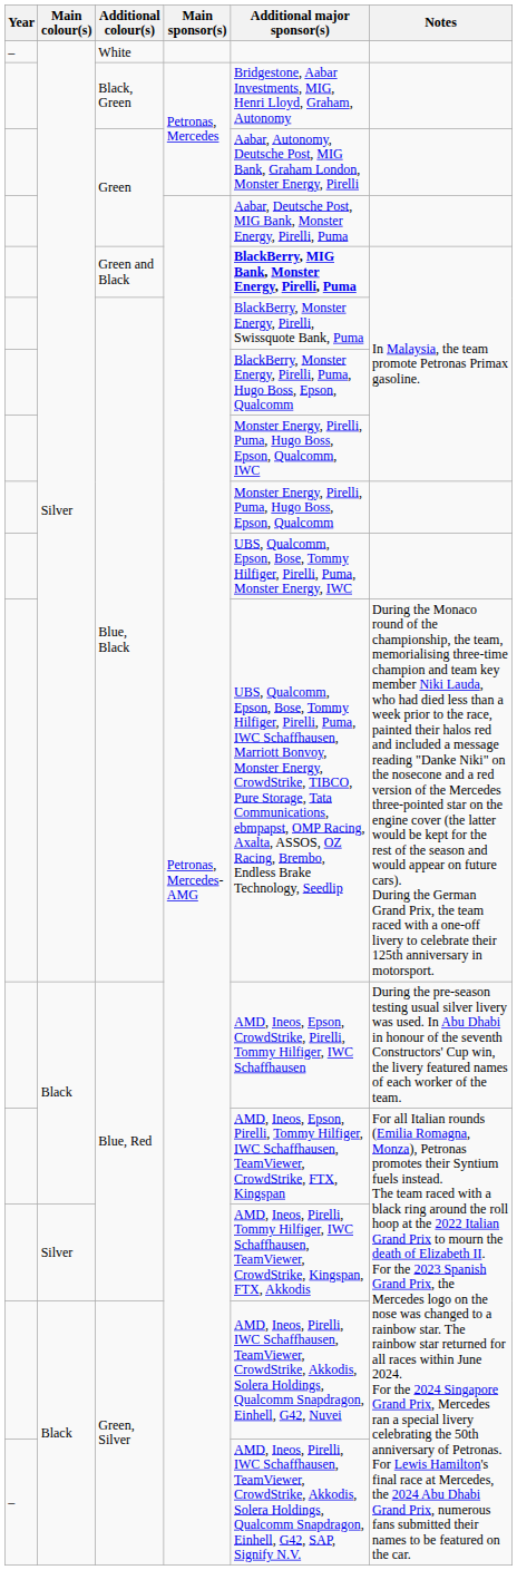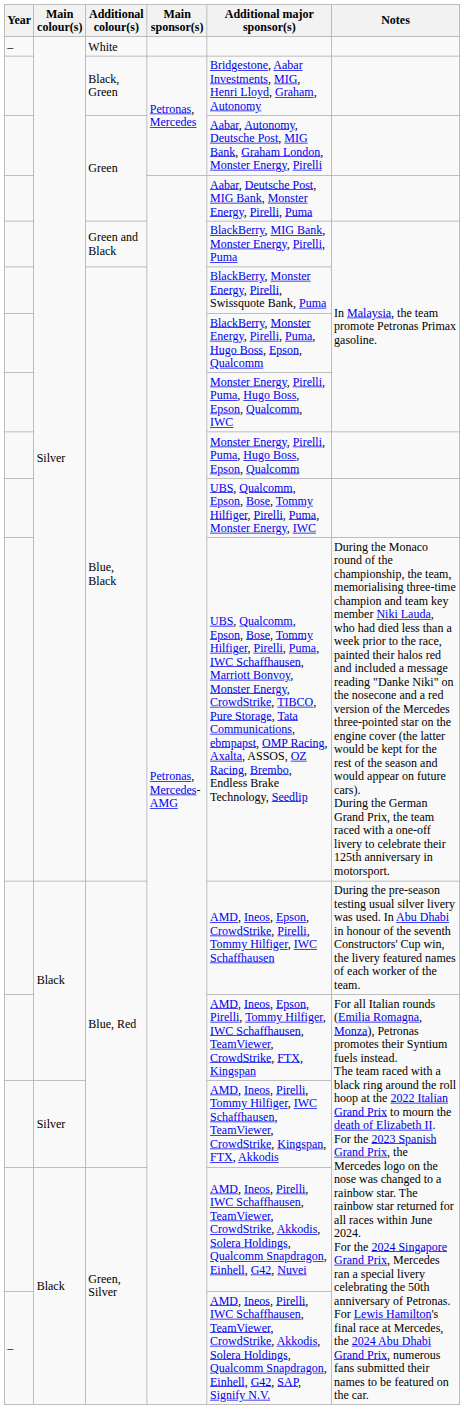 <table class="wikitable">
 <tr>
 <th>Year</th>
 <th>Main colour(s)</th>
 <th>Additional colour(s)</th>
 <th>Main sponsor(s)</th>
 <th>Additional major sponsor(s)</th>
 <th>Notes</th>
 </tr>
 <tr>
 <td>–</td>
 <td rowspan=11>Silver</td>
 <td>White</td>
 <td></td>
 <td></td>
 <td></td>
 </tr>
 <tr>
 <td></td>
 <td>Black, Green</td>
 <td rowspan="2"><a href='#'>Petronas</a>, <a href='#'>Mercedes</a></td>
 <td><a href='#'>Bridgestone</a>, <a href='#'>Aabar Investments</a>, <a href='#'>MIG</a>, <a href='#'>Henri Lloyd</a>, <a href='#'>Graham</a>, <a href='#'>Autonomy</a></td>
 <td></td>
 </tr>
 <tr>
 <td></td>
 <td rowspan=2>Green</td>
 <td><a href='#'>Aabar</a>, <a href='#'>Autonomy</a>, <a href='#'>Deutsche Post</a>, <a href='#'>MIG Bank</a>, <a href='#'>Graham London</a>, <a href='#'>Monster Energy</a>, <a href='#'>Pirelli</a></td>
 <td></td>
 </tr>
 <tr>
 <td></td>
 <td rowspan="13"><a href='#'>Petronas</a>, <a href='#'>Mercedes</a>-<a href='#'>AMG</a></td>
 <td><a href='#'>Aabar</a>, <a href='#'>Deutsche Post</a>, <a href='#'>MIG Bank</a>, <a href='#'>Monster Energy</a>, <a href='#'>Pirelli</a>, <a href='#'>Puma</a></td>
 <td></td>
 </tr>
 <tr>
 <td></td>
 <td>Green and Black</td>
-<td><strong><a href='#'>BlackBerry</a>, <a href='#'>MIG Bank</a>, <a href='#'>Monster Energy</a>, <a href='#'>Pirelli</a>, <a href='#'>Puma</a></strong></td>
+<td><a href='#'>BlackBerry</a>, <a href='#'>MIG Bank</a>, <a href='#'>Monster Energy</a>, <a href='#'>Pirelli</a>, <a href='#'>Puma</a></td>
 <td rowspan=4>In <a href='#'>Malaysia</a>, the team promote Petronas Primax gasoline.</td>
 </tr>
 <tr>
 <td></td>
 <td rowspan=6>Blue, Black</td>
 <td><a href='#'>BlackBerry</a>, <a href='#'>Monster Energy</a>, <a href='#'>Pirelli</a>, Swissquote Bank, <a href='#'>Puma</a></td>
 </tr>
 <tr>
 <td></td>
 <td><a href='#'>BlackBerry</a>, <a href='#'>Monster Energy</a>, <a href='#'>Pirelli</a>, <a href='#'>Puma</a>, <a href='#'>Hugo Boss</a>, <a href='#'>Epson</a>, <a href='#'>Qualcomm</a></td>
 </tr>
 <tr>
 <td></td>
 <td><a href='#'>Monster Energy</a>, <a href='#'>Pirelli</a>, <a href='#'>Puma</a>, <a href='#'>Hugo Boss</a>, <a href='#'>Epson</a>, <a href='#'>Qualcomm</a>, <a href='#'>IWC</a></td>
 </tr>
 <tr>
 <td></td>
 <td><a href='#'>Monster Energy</a>, <a href='#'>Pirelli</a>, <a href='#'>Puma</a>, <a href='#'>Hugo Boss</a>, <a href='#'>Epson</a>, <a href='#'>Qualcomm</a></td>
 <td></td>
 </tr>
 <tr>
 <td></td>
 <td><a href='#'>UBS</a>, <a href='#'>Qualcomm</a>, <a href='#'>Epson</a>, <a href='#'>Bose</a>, <a href='#'>Tommy Hilfiger</a>, <a href='#'>Pirelli</a>, <a href='#'>Puma</a>, <a href='#'>Monster Energy</a>, <a href='#'>IWC</a></td>
 <td></td>
 </tr>
 <tr>
 <td></td>
 <td><a href='#'>UBS</a>, <a href='#'>Qualcomm</a>, <a href='#'>Epson</a>, <a href='#'>Bose</a>, <a href='#'>Tommy Hilfiger</a>, <a href='#'>Pirelli</a>, <a href='#'>Puma</a>, <a href='#'>IWC Schaffhausen</a>, <a href='#'>Marriott Bonvoy</a>, <a href='#'>Monster Energy</a>, <a href='#'>CrowdStrike</a>, <a href='#'>TIBCO</a>, <a href='#'>Pure Storage</a>, <a href='#'>Tata Communications</a>, <a href='#'>ebmpapst</a>, <a href='#'>OMP Racing</a>, <a href='#'>Axalta</a>, ASSOS, <a href='#'>OZ Racing</a>, <a href='#'>Brembo</a>, Endless Brake Technology, <a href='#'>Seedlip</a></td>
 <td>During the Monaco round of the championship, the team, memorialising three-time champion and team key member <a href='#'>Niki Lauda</a>, who had died less than a week prior to the race, painted their halos red and included a message reading "Danke Niki" on the nosecone and a red version of the Mercedes three-pointed star on the engine cover (the latter would be kept for the rest of the season and would appear on future cars).<br>During the German Grand Prix, the team raced with a one-off livery to celebrate their 125th anniversary in motorsport.</td>
 </tr>
 <tr>
 <td></td>
 <td rowspan=2>Black</td>
 <td rowspan="3">Blue, Red</td>
 <td><a href='#'>AMD</a>, <a href='#'>Ineos</a>, <a href='#'>Epson</a>, <a href='#'>CrowdStrike</a>, <a href='#'>Pirelli</a>, <a href='#'>Tommy Hilfiger</a>, <a href='#'>IWC Schaffhausen</a></td>
 <td>During the pre-season testing usual silver livery was used. In <a href='#'>Abu Dhabi</a> in honour of the seventh Constructors' Cup win, the livery featured names of each worker of the team.</td>
 </tr>
 <tr>
 <td></td>
 <td><a href='#'>AMD</a>, <a href='#'>Ineos</a>, <a href='#'>Epson</a>, <a href='#'>Pirelli</a>, <a href='#'>Tommy Hilfiger</a>, <a href='#'>IWC Schaffhausen</a>, <a href='#'>TeamViewer</a>, <a href='#'>CrowdStrike</a>, <a href='#'>FTX</a>, <a href='#'>Kingspan</a></td>
 <td rowspan=4>For all Italian rounds (<a href='#'>Emilia Romagna</a>, <a href='#'>Monza</a>), Petronas promotes their Syntium fuels instead.<br>The team raced with a black ring around the roll hoop at the <a href='#'>2022 Italian Grand Prix</a> to mourn the <a href='#'>death of Elizabeth II</a>.<br>For the <a href='#'>2023 Spanish Grand Prix</a>, the Mercedes logo on the nose was changed to a rainbow star. The rainbow star returned for all races within June 2024.<br>For the <a href='#'>2024 Singapore Grand Prix</a>, Mercedes ran a special livery celebrating the 50th anniversary of Petronas.<br>For <a href='#'>Lewis Hamilton</a>'s final race at Mercedes, the <a href='#'>2024 Abu Dhabi Grand Prix</a>, numerous fans submitted their names to be featured on the car.</td>
 </tr>
 <tr>
 <td></td>
 <td>Silver</td>
 <td><a href='#'>AMD</a>, <a href='#'>Ineos</a>, <a href='#'>Pirelli</a>, <a href='#'>Tommy Hilfiger</a>, <a href='#'>IWC Schaffhausen</a>, <a href='#'>TeamViewer</a>, <a href='#'>CrowdStrike</a>, <a href='#'>Kingspan</a>, <a href='#'>FTX</a>, <a href='#'>Akkodis</a></td>
 </tr>
 <tr>
 <td></td>
 <td rowspan="2">Black</td>
 <td rowspan="2">Green, Silver</td>
 <td><a href='#'>AMD</a>, <a href='#'>Ineos</a>, <a href='#'>Pirelli</a>, <a href='#'>IWC Schaffhausen</a>, <a href='#'>TeamViewer</a>, <a href='#'>CrowdStrike</a>, <a href='#'>Akkodis</a>, <a href='#'>Solera Holdings</a>, <a href='#'>Qualcomm Snapdragon</a>, <a href='#'>Einhell</a>, <a href='#'>G42</a>, <a href='#'>Nuvei</a></td>
 </tr>
 <tr>
 <td>–</td>
 <td><a href='#'>AMD</a>, <a href='#'>Ineos</a>, <a href='#'>Pirelli</a>, <a href='#'>IWC Schaffhausen</a>, <a href='#'>TeamViewer</a>, <a href='#'>CrowdStrike</a>, <a href='#'>Akkodis</a>, <a href='#'>Solera Holdings</a>, <a href='#'>Qualcomm Snapdragon</a>, <a href='#'>Einhell</a>, <a href='#'>G42</a>, <a href='#'>SAP</a>, <a href='#'>Signify N.V.</a></td>
 </tr>
 </table>
